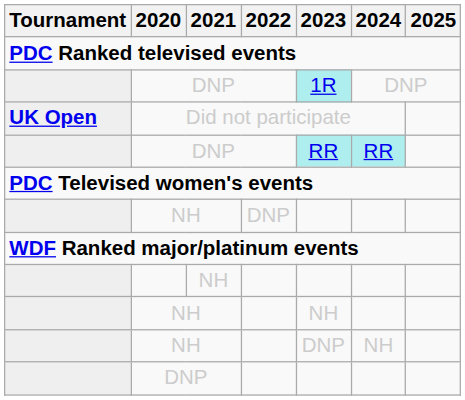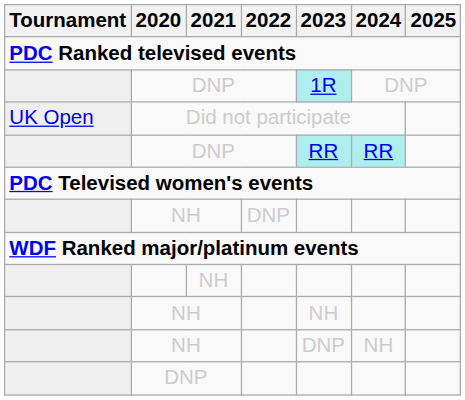 <table class="wikitable" style="width:20%; margin:0">
 <tr>
 <th>Tournament</th>
 <th>2020</th>
 <th>2021</th>
 <th>2022</th>
 <th>2023</th>
 <th>2024</th>
 <th>2025</th>
 </tr>
 <tr>
 <td colspan="7" style="text-align:left"><strong><a href='#'>PDC</a> Ranked televised events</strong></td>
 </tr>
 <tr>
 <td style="background:#efefef;"></td>
 <td colspan="3" style="text-align:center; color:#ccc;">DNP</td>
 <td style="text-align:center; background:#afeeee;"><a href='#'>1R</a></td>
 <td colspan="2" style="text-align:center; color:#ccc;">DNP </td>
 </tr>
 <tr>
-<td style="background:#efefef;"><strong><a href='#'>UK Open</a></strong></td>
+<td style="background:#efefef;"><a href='#'>UK Open</a></td>
 <td colspan="5" style="text-align:center; color:#ccc;">Did not participate</td>
 <td></td>
 </tr>
 <tr>
 <td style="background:#efefef;"></td>
 <td colspan="3" style="text-align:center; color:#ccc;">DNP</td>
 <td style="text-align:center; background:#afeeee;"><a href='#'>RR</a></td>
 <td style="text-align:center; background:#afeeee;"><a href='#'>RR</a></td>
 <td></td>
 </tr>
 <tr>
 <td colspan="7" style="text-align:left"><strong><a href='#'>PDC</a> Televised women's events</strong></td>
 </tr>
 <tr>
 <td style="background:#efefef;"></td>
 <td colspan="2" style="text-align:center; color:#ccc;">NH</td>
 <td style="text-align:center; color:#ccc;">DNP</td>
 <td></td>
 <td></td>
 <td></td>
 </tr>
 <tr>
 <td colspan="7" style="text-align:left"><strong><a href='#'>WDF</a> Ranked major/platinum events</strong></td>
 </tr>
 <tr>
 <td style="background:#efefef;"></td>
 <td></td>
 <td style="text-align:center; color:#ccc;">NH</td>
 <td></td>
 <td></td>
 <td></td>
 <td></td>
 </tr>
 <tr>
 <td style="background:#efefef;"></td>
 <td colspan="2" style="text-align:center; color:#ccc;">NH</td>
 <td></td>
 <td style="text-align:center; color:#ccc;">NH</td>
 <td></td>
 <td></td>
 </tr>
 <tr>
 <td style="background:#efefef;"></td>
 <td colspan="2" style="text-align:center; color:#ccc;">NH</td>
 <td></td>
 <td style="text-align:center; color:#ccc;">DNP</td>
 <td style="text-align:center; color:#ccc;">NH</td>
 <td></td>
 </tr>
 <tr>
 <td style="background:#efefef;"></td>
 <td colspan="2" style="text-align:center; color:#ccc;">DNP</td>
 <td></td>
 <td></td>
 <td></td>
 <td></td>
 </tr>
 </table>
